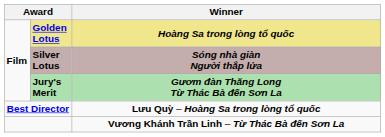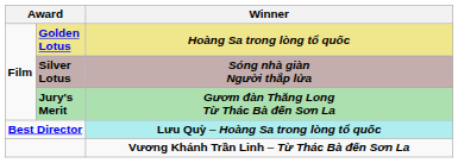 <table class=wikitable>
 <tr>
 <th width="12%" colspan="2">Award</th>
 <th width="76%">Winner</th>
 </tr>
 <tr>
 <td rowspan="3"><strong>Film</strong></td>
 <td style="background:#F0E68C"><strong><a href='#'>Golden Lotus</a></strong></td>
 <td style="background:#F0E68C" align=center><strong><em>Hoàng Sa trong lòng tổ quốc</em></strong></td>
 </tr>
 <tr>
 <td style="background:#C4AEAD"><strong>Silver Lotus</strong></td>
 <td style="background:#C4AEAD" align=center><strong><em>Sóng nhà giàn</em></strong><br><strong><em>Người thắp lửa</em></strong></td>
 </tr>
 <tr>
 <td style="background:#ACE1AF"><strong>Jury's Merit</strong></td>
 <td style="background:#ACE1AF" align=center><strong><em>Gươm đàn Thăng Long</em></strong><br><strong><em>Từ Thác Bà đến Sơn La</em></strong></td>
 </tr>
 <tr>
 <td colspan="2" align=center><strong><a href='#'>Best Director</a></strong></td>
-<td align=center><strong>Lưu Quỳ</strong> – <strong><em>Hoàng Sa trong lòng tổ quốc</em></strong></td>
+<td align=center style="background: paleturquoise;"><strong>Lưu Quỳ</strong> – <strong><em>Hoàng Sa trong lòng tổ quốc</em></strong></td>
 </tr>
 <tr>
 <td colspan="2" align=center><strong></strong></td>
 <td align=center><strong>Vương Khánh Trần Linh</strong> – <strong><em>Từ Thác Bà đến Sơn La</em></strong></td>
 </tr>
 </table>
